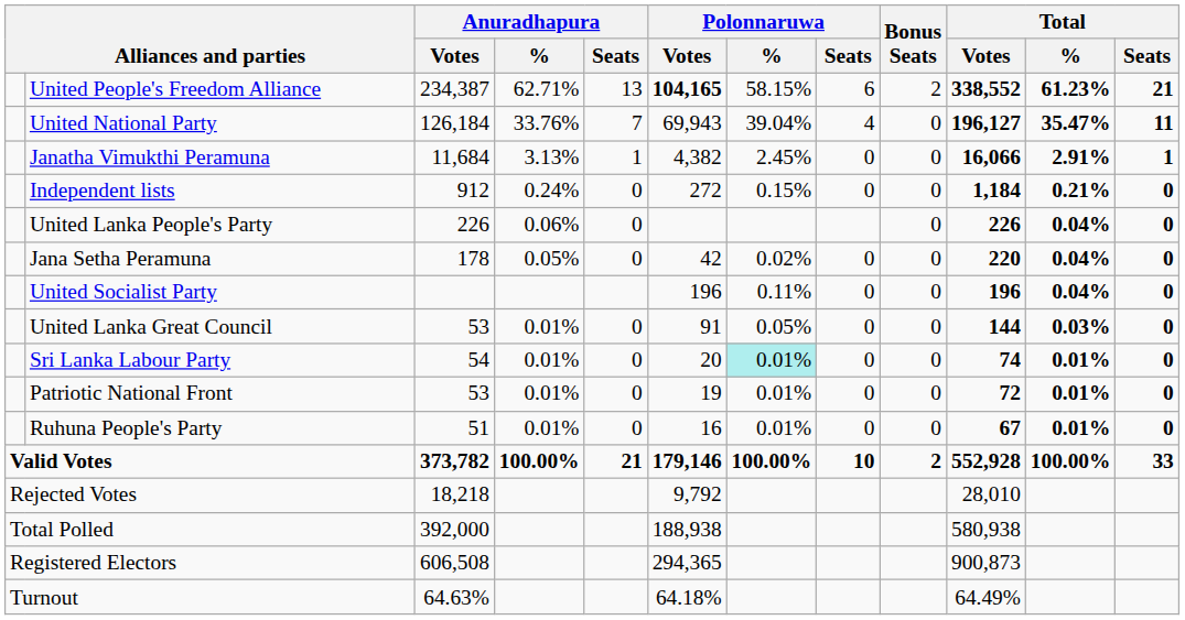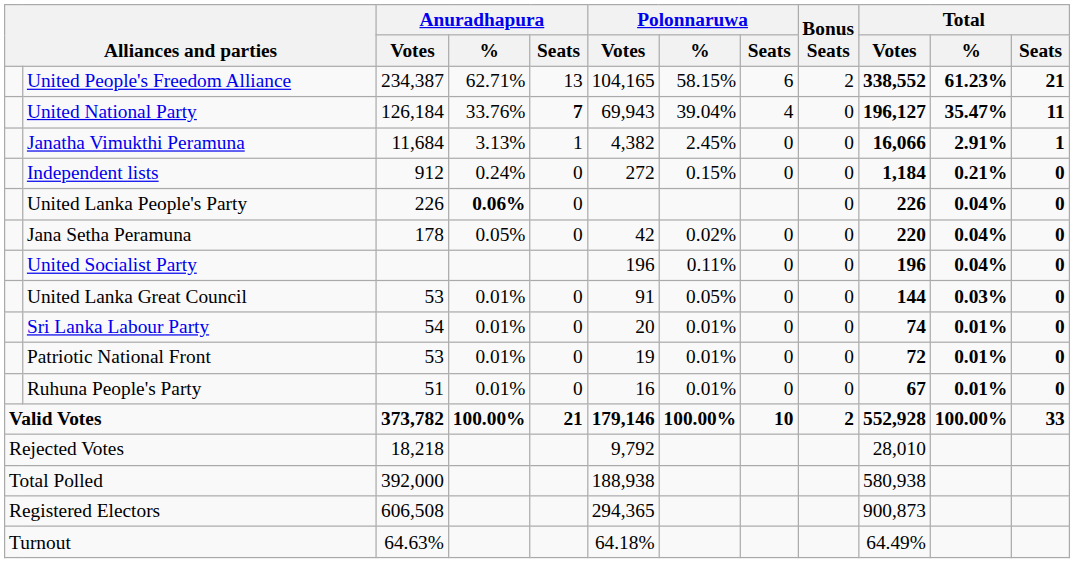 <table class="wikitable" border="1" style="text-align:right;">
 <tr>
 <th valign=bottom rowspan=2 colspan=2 width="300">Alliances and parties</th>
 <th colspan=3><a href='#'>Anuradhapura</a></th>
 <th colspan=3><a href='#'>Polonnaruwa</a></th>
 <th valign=bottom rowspan=2 width="40">Bonus<br>Seats</th>
 <th colspan=3>Total</th>
 </tr>
 <tr>
 <th align=center valign=bottom width="50">Votes</th>
 <th align=center valign=bottom width="50">%</th>
 <th align=center valign=bottom width="40">Seats</th>
 <th align=center valign=bottom width="50">Votes</th>
 <th align=center valign=bottom width="50">%</th>
 <th align=center valign=bottom width="40">Seats</th>
 <th align=center valign=bottom width="50">Votes</th>
 <th align=center valign=bottom width="50">%</th>
 <th align=center valign=bottom width="40">Seats</th>
 </tr>
 <tr>
 <td bgcolor=> </td>
 <td align=left><a href='#'>United People's Freedom Alliance</a></td>
 <td>234,387</td>
 <td>62.71%</td>
 <td>13</td>
-<td><strong>104,165</strong></td>
+<td>104,165</td>
 <td>58.15%</td>
 <td>6</td>
 <td>2</td>
 <td><strong>338,552</strong></td>
 <td><strong>61.23%</strong></td>
 <td><strong>21</strong></td>
 </tr>
 <tr>
 <td bgcolor=> </td>
 <td align=left><a href='#'>United National Party</a></td>
 <td>126,184</td>
 <td>33.76%</td>
-<td>7</td>
+<td><strong>7</strong></td>
 <td>69,943</td>
 <td>39.04%</td>
 <td>4</td>
 <td>0</td>
 <td><strong>196,127</strong></td>
 <td><strong>35.47%</strong></td>
 <td><strong>11</strong></td>
 </tr>
 <tr>
 <td bgcolor=> </td>
 <td align=left><a href='#'>Janatha Vimukthi Peramuna</a></td>
 <td>11,684</td>
 <td>3.13%</td>
 <td>1</td>
 <td>4,382</td>
 <td>2.45%</td>
 <td>0</td>
 <td>0</td>
 <td><strong>16,066</strong></td>
 <td><strong>2.91%</strong></td>
 <td><strong>1</strong></td>
 </tr>
 <tr>
 <td></td>
 <td align=left><a href='#'>Independent lists</a></td>
 <td>912</td>
 <td>0.24%</td>
 <td>0</td>
 <td>272</td>
 <td>0.15%</td>
 <td>0</td>
 <td>0</td>
 <td><strong>1,184</strong></td>
 <td><strong>0.21%</strong></td>
 <td><strong>0</strong></td>
 </tr>
 <tr>
 <td></td>
 <td align=left>United Lanka People's Party</td>
 <td>226</td>
-<td>0.06%</td>
+<td><strong>0.06%</strong></td>
 <td>0</td>
 <td></td>
 <td></td>
 <td></td>
 <td>0</td>
 <td><strong>226</strong></td>
 <td><strong>0.04%</strong></td>
 <td><strong>0</strong></td>
 </tr>
 <tr>
 <td></td>
 <td align=left>Jana Setha Peramuna</td>
 <td>178</td>
 <td>0.05%</td>
 <td>0</td>
 <td>42</td>
 <td>0.02%</td>
 <td>0</td>
 <td>0</td>
 <td><strong>220</strong></td>
 <td><strong>0.04%</strong></td>
 <td><strong>0</strong></td>
 </tr>
 <tr>
 <td></td>
 <td align=left><a href='#'>United Socialist Party</a></td>
 <td></td>
 <td></td>
 <td></td>
 <td>196</td>
 <td>0.11%</td>
 <td>0</td>
 <td>0</td>
 <td><strong>196</strong></td>
 <td><strong>0.04%</strong></td>
 <td><strong>0</strong></td>
 </tr>
 <tr>
 <td></td>
 <td align=left>United Lanka Great Council</td>
 <td>53</td>
 <td>0.01%</td>
 <td>0</td>
 <td>91</td>
 <td>0.05%</td>
 <td>0</td>
 <td>0</td>
 <td><strong>144</strong></td>
 <td><strong>0.03%</strong></td>
 <td><strong>0</strong></td>
 </tr>
 <tr>
 <td></td>
 <td align=left><a href='#'>Sri Lanka Labour Party</a></td>
 <td>54</td>
 <td>0.01%</td>
 <td>0</td>
 <td>20</td>
-<td style="background: paleturquoise;">0.01%</td>
+<td>0.01%</td>
 <td>0</td>
 <td>0</td>
 <td><strong>74</strong></td>
 <td><strong>0.01%</strong></td>
 <td><strong>0</strong></td>
 </tr>
 <tr>
 <td></td>
 <td align=left>Patriotic National Front</td>
 <td>53</td>
 <td>0.01%</td>
 <td>0</td>
 <td>19</td>
 <td>0.01%</td>
 <td>0</td>
 <td>0</td>
 <td><strong>72</strong></td>
 <td><strong>0.01%</strong></td>
 <td><strong>0</strong></td>
 </tr>
 <tr>
 <td></td>
 <td align=left>Ruhuna People's Party</td>
 <td>51</td>
 <td>0.01%</td>
 <td>0</td>
 <td>16</td>
 <td>0.01%</td>
 <td>0</td>
 <td>0</td>
 <td><strong>67</strong></td>
 <td><strong>0.01%</strong></td>
 <td><strong>0</strong></td>
 </tr>
 <tr>
 <td colspan=2 align=left><strong>Valid Votes</strong></td>
 <td><strong>373,782</strong></td>
 <td><strong>100.00%</strong></td>
 <td><strong>21</strong></td>
 <td><strong>179,146</strong></td>
 <td><strong>100.00%</strong></td>
 <td><strong>10</strong></td>
 <td><strong>2</strong></td>
 <td><strong>552,928</strong></td>
 <td><strong>100.00%</strong></td>
 <td><strong>33</strong></td>
 </tr>
 <tr>
 <td colspan=2 align=left>Rejected Votes</td>
 <td>18,218</td>
 <td></td>
 <td></td>
 <td>9,792</td>
 <td></td>
 <td></td>
 <td></td>
 <td>28,010</td>
 <td></td>
 <td></td>
 </tr>
 <tr>
 <td colspan=2 align=left>Total Polled</td>
 <td>392,000</td>
 <td></td>
 <td></td>
 <td>188,938</td>
 <td></td>
 <td></td>
 <td></td>
 <td>580,938</td>
 <td></td>
 <td></td>
 </tr>
 <tr>
 <td colspan=2 align=left>Registered Electors</td>
 <td>606,508</td>
 <td></td>
 <td></td>
 <td>294,365</td>
 <td></td>
 <td></td>
 <td></td>
 <td>900,873</td>
 <td></td>
 <td></td>
 </tr>
 <tr>
 <td colspan=2 align=left>Turnout</td>
 <td>64.63%</td>
 <td></td>
 <td></td>
 <td>64.18%</td>
 <td></td>
 <td></td>
 <td></td>
 <td>64.49%</td>
 <td></td>
 <td></td>
 </tr>
 </table>
